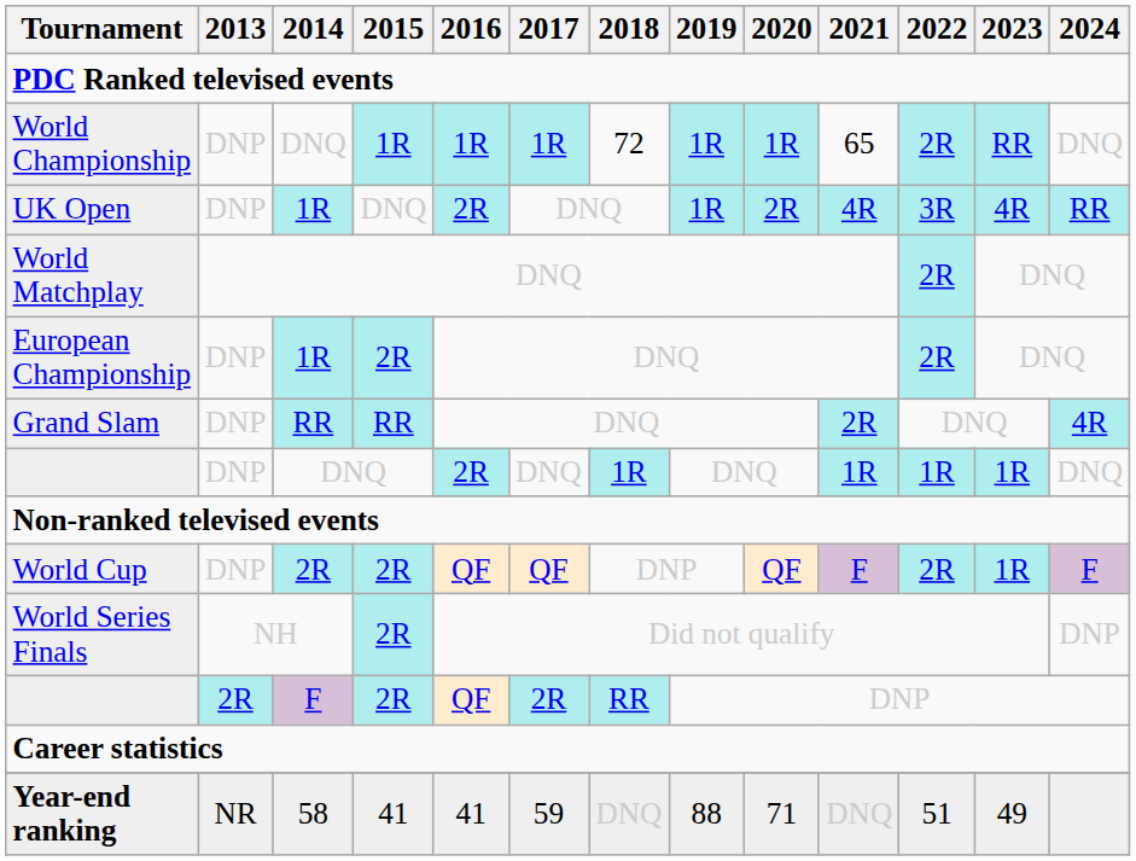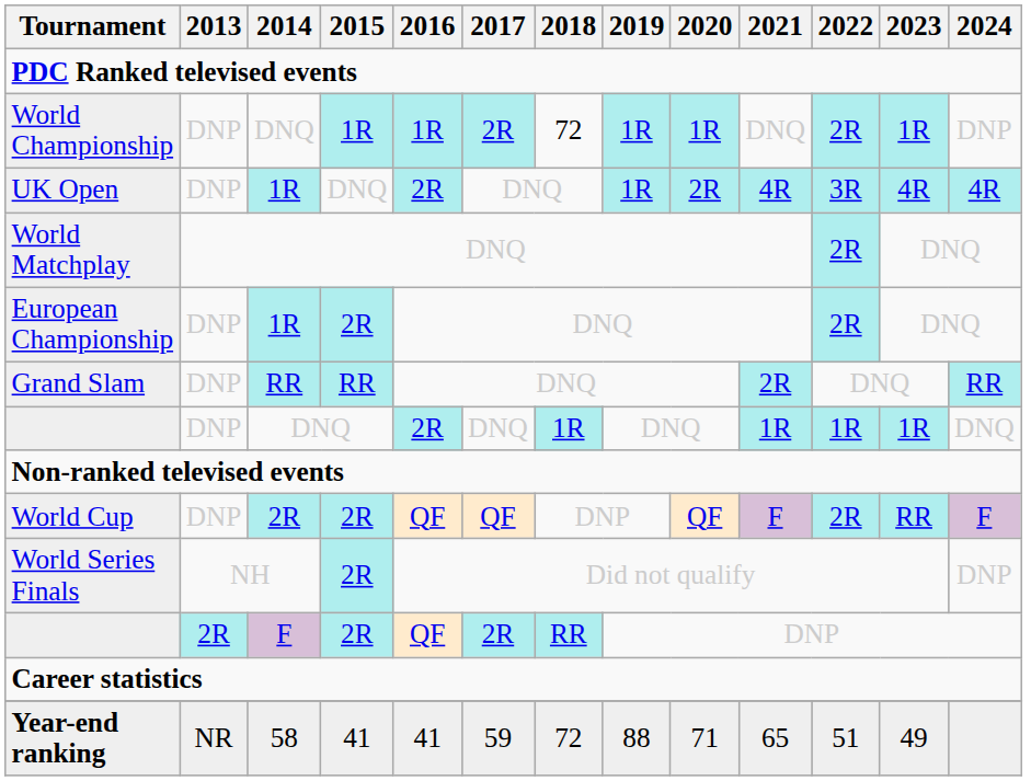 <table class="wikitable" style="width:20%; margin:0">
 <tr>
 <th>Tournament</th>
 <th>2013</th>
 <th>2014</th>
 <th>2015</th>
 <th>2016</th>
 <th>2017</th>
 <th>2018</th>
 <th>2019</th>
 <th>2020</th>
 <th>2021</th>
 <th>2022</th>
 <th>2023</th>
 <th>2024</th>
 </tr>
 <tr>
 <td colspan="31" align="left"><strong><a href='#'>PDC</a> Ranked televised events</strong></td>
 </tr>
 <tr>
 <td style="background:#efefef;"><a href='#'>World Championship</a></td>
 <td style="text-align:center; color:#ccc;">DNP</td>
 <td style="text-align:center; color:#ccc;">DNQ</td>
 <td style="text-align:center; background:#afeeee;"><a href='#'>1R</a></td>
 <td style="text-align:center; background:#afeeee;"><a href='#'>1R</a></td>
-<td style="text-align:center; background:#afeeee;"><a href='#'>1R</a></td>
+<td style="text-align:center; background:#afeeee;"><a href='#'>2R</a></td>
 <td style="text-align:center;">72</td>
 <td style="text-align:center; background:#afeeee;"><a href='#'>1R</a></td>
 <td style="text-align:center; background:#afeeee;"><a href='#'>1R</a></td>
-<td style="text-align:center;">65</td>
+<td style="text-align:center; color:#ccc;">DNQ</td>
 <td style="text-align:center; background:#afeeee;"><a href='#'>2R</a></td>
-<td style="text-align:center; background:#afeeee;"><a href='#'>RR</a></td>
-<td style="text-align:center; color:#ccc;">DNQ</td>
+<td style="text-align:center; background:#afeeee;"><a href='#'>1R</a></td>
+<td style="text-align:center; color:#ccc;">DNP</td>
 </tr>
 <tr>
 <td style="background:#efefef;"><a href='#'>UK Open</a></td>
 <td style="text-align:center; color:#ccc;">DNP</td>
 <td style="text-align:center; background:#afeeee;"><a href='#'>1R</a></td>
 <td style="text-align:center; color:#ccc;">DNQ</td>
 <td style="text-align:center; background:#afeeee;"><a href='#'>2R</a></td>
 <td colspan="2" style="text-align:center; color:#ccc;">DNQ</td>
 <td style="text-align:center; background:#afeeee;"><a href='#'>1R</a></td>
 <td style="text-align:center; background:#afeeee;"><a href='#'>2R</a></td>
 <td style="text-align:center; background:#afeeee;"><a href='#'>4R</a></td>
 <td style="text-align:center; background:#afeeee;"><a href='#'>3R</a></td>
 <td style="text-align:center; background:#afeeee;"><a href='#'>4R</a></td>
-<td style="text-align:center; background:#afeeee;"><a href='#'>RR</a></td>
+<td style="text-align:center; background:#afeeee;"><a href='#'>4R</a></td>
 </tr>
 <tr>
 <td style="background:#efefef;"><a href='#'>World Matchplay</a></td>
 <td colspan="9" style="text-align:center; color:#ccc;">DNQ</td>
 <td style="text-align:center; background:#afeeee;"><a href='#'>2R</a></td>
 <td colspan="2" style="text-align:center; color:#ccc;">DNQ</td>
 </tr>
 <tr>
 <td style="background:#efefef;"><a href='#'>European Championship</a></td>
 <td style="text-align:center; color:#ccc;">DNP</td>
 <td style="text-align:center; background:#afeeee;"><a href='#'>1R</a></td>
 <td style="text-align:center; background:#afeeee;"><a href='#'>2R</a></td>
 <td colspan="6" style="text-align:center; color:#ccc;">DNQ</td>
 <td style="text-align:center; background:#afeeee;"><a href='#'>2R</a></td>
 <td colspan="2" style="text-align:center; color:#ccc;">DNQ</td>
 </tr>
 <tr>
 <td style="background:#efefef;"><a href='#'>Grand Slam</a></td>
 <td style="text-align:center; color:#ccc;">DNP</td>
 <td style="text-align:center; background:#afeeee;"><a href='#'>RR</a></td>
 <td style="text-align:center; background:#afeeee;"><a href='#'>RR</a></td>
 <td colspan="5" style="text-align:center; color:#ccc;">DNQ</td>
 <td style="text-align:center; background:#afeeee;"><a href='#'>2R</a></td>
 <td colspan="2" style="text-align:center; color:#ccc;">DNQ</td>
-<td style="text-align:center; background:#afeeee;"><a href='#'>4R</a></td>
+<td style="text-align:center; background:#afeeee;"><a href='#'>RR</a></td>
 </tr>
 <tr>
 <td style="background:#efefef;"></td>
 <td style="text-align:center; color:#ccc;">DNP</td>
 <td colspan="2" style="text-align:center; color:#ccc;">DNQ</td>
 <td style="text-align:center; background:#afeeee;"><a href='#'>2R</a></td>
 <td style="text-align:center; color:#ccc;">DNQ</td>
 <td style="text-align:center; background:#afeeee;"><a href='#'>1R</a></td>
 <td colspan="2" style="text-align:center; color:#ccc;">DNQ</td>
 <td style="text-align:center; background:#afeeee;"><a href='#'>1R</a></td>
 <td style="text-align:center; background:#afeeee;"><a href='#'>1R</a></td>
 <td style="text-align:center; background:#afeeee;"><a href='#'>1R</a></td>
 <td style="text-align:center; color:#ccc;">DNQ</td>
 </tr>
 <tr>
 <td colspan="15" align="left"><strong>Non-ranked televised events</strong></td>
 </tr>
 <tr>
 <td style="background:#efefef;"><a href='#'>World Cup</a></td>
 <td style="text-align:center; color:#ccc;">DNP</td>
 <td style="text-align:center; background:#afeeee;"><a href='#'>2R</a></td>
 <td style="text-align:center; background:#afeeee;"><a href='#'>2R</a></td>
 <td style="text-align:center; background:#ffebcd;"><a href='#'>QF</a></td>
 <td style="text-align:center; background:#ffebcd;"><a href='#'>QF</a></td>
 <td colspan="2" style="text-align:center; color:#ccc;">DNP</td>
 <td style="text-align:center; background:#ffebcd;"><a href='#'>QF</a></td>
 <td style="text-align:center; background:thistle;"><a href='#'>F</a></td>
 <td style="text-align:center; background:#afeeee;"><a href='#'>2R</a></td>
-<td style="text-align:center; background:#afeeee;"><a href='#'>1R</a></td>
+<td style="text-align:center; background:#afeeee;"><a href='#'>RR</a></td>
 <td style="text-align:center; background:thistle;"><a href='#'>F</a></td>
 </tr>
 <tr>
 <td style="background:#efefef;"><a href='#'>World Series Finals</a></td>
 <td colspan="2" style="text-align:center; color:#ccc;">NH</td>
 <td style="text-align:center; background:#afeeee;"><a href='#'>2R</a></td>
 <td colspan="8" style="text-align:center; color:#ccc;">Did not qualify</td>
 <td style="text-align:center; color:#ccc;">DNP</td>
 </tr>
 <tr>
 <td style="background:#efefef;"></td>
 <td style="text-align:center; background:#afeeee;"><a href='#'>2R</a></td>
 <td style="text-align:center; background:thistle;"><a href='#'>F</a></td>
 <td style="text-align:center; background:#afeeee;"><a href='#'>2R</a></td>
 <td style="text-align:center; background:#ffebcd;"><a href='#'>QF</a></td>
 <td style="text-align:center; background:#afeeee;"><a href='#'>2R</a></td>
 <td style="text-align:center; background:#afeeee;"><a href='#'>RR</a></td>
 <td colspan="6" style="text-align:center; color:#ccc;">DNP</td>
 </tr>
 <tr>
 <td colspan="14" align="left"><strong>Career statistics</strong></td>
 </tr>
 <tr>
 </tr>
 <tr bgcolor="efefef">
 <td align="left"><strong>Year-end ranking</strong></td>
 <td style="text-align:center;">NR</td>
 <td style="text-align:center;">58</td>
 <td style="text-align:center;">41</td>
 <td style="text-align:center;">41</td>
 <td style="text-align:center;">59</td>
-<td style="text-align:center; color:#ccc;">DNQ</td>
+<td style="text-align:center;">72</td>
 <td style="text-align:center;">88</td>
 <td style="text-align:center;">71</td>
-<td style="text-align:center; color:#ccc;">DNQ</td>
+<td style="text-align:center;">65</td>
 <td style="text-align:center;">51</td>
 <td style="text-align:center;">49</td>
 <td></td>
 </tr>
 </table>
